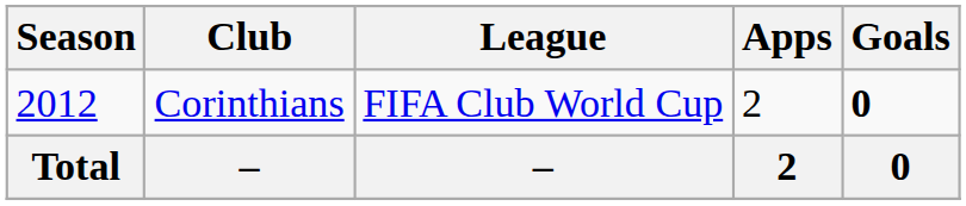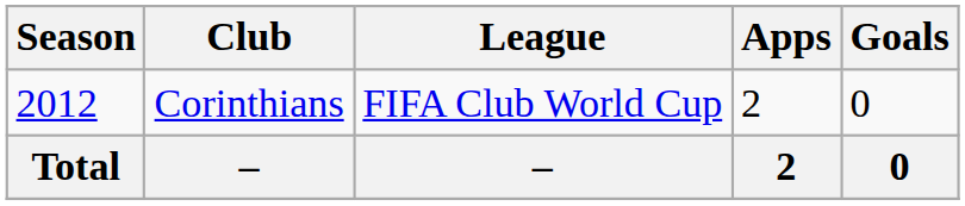 <table class="wikitable" style="margin:auto;">
 <tr>
 <th>Season</th>
 <th>Club</th>
 <th>League</th>
 <th>Apps</th>
 <th>Goals</th>
 </tr>
 <tr>
 <td><a href='#'>2012</a></td>
 <td rowspan=1><a href='#'>Corinthians</a></td>
 <td rowspan=1><a href='#'>FIFA Club World Cup</a></td>
 <td>2</td>
-<td><strong>0</strong></td>
+<td>0</td>
 </tr>
 <tr>
 <th>Total</th>
 <th>–</th>
 <th>–</th>
 <th>2</th>
 <th>0</th>
 </tr>
 <tr>
 </tr>
 </table>
